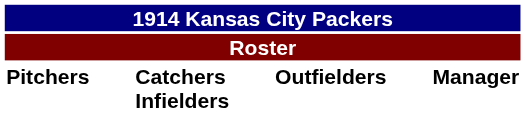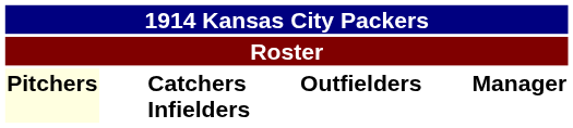 <table class="toccolours" style="font-size: 95%;">
 <tr>
 <th colspan="10" style="background-color: navy; color: white; text-align: center;">1914 Kansas City Packers</th>
 </tr>
 <tr>
 <td colspan="10" style="background-color: maroon; color: white; text-align: center;"><strong>Roster</strong></td>
 </tr>
 <tr>
-<td valign="top"><strong>Pitchers</strong><br>        </td>
+<td valign="top" style="background: lightyellow;"><strong>Pitchers</strong><br>        </td>
 <td width="25px"></td>
 <td valign="top"><strong>Catchers</strong><br>   <strong>Infielders</strong>       </td>
 <td width="25px"></td>
 <td valign="top"><strong>Outfielders</strong><br>    </td>
 <td width="25px"></td>
 <td valign="top"><strong>Manager</strong><br></td>
 </tr>
 </table>
